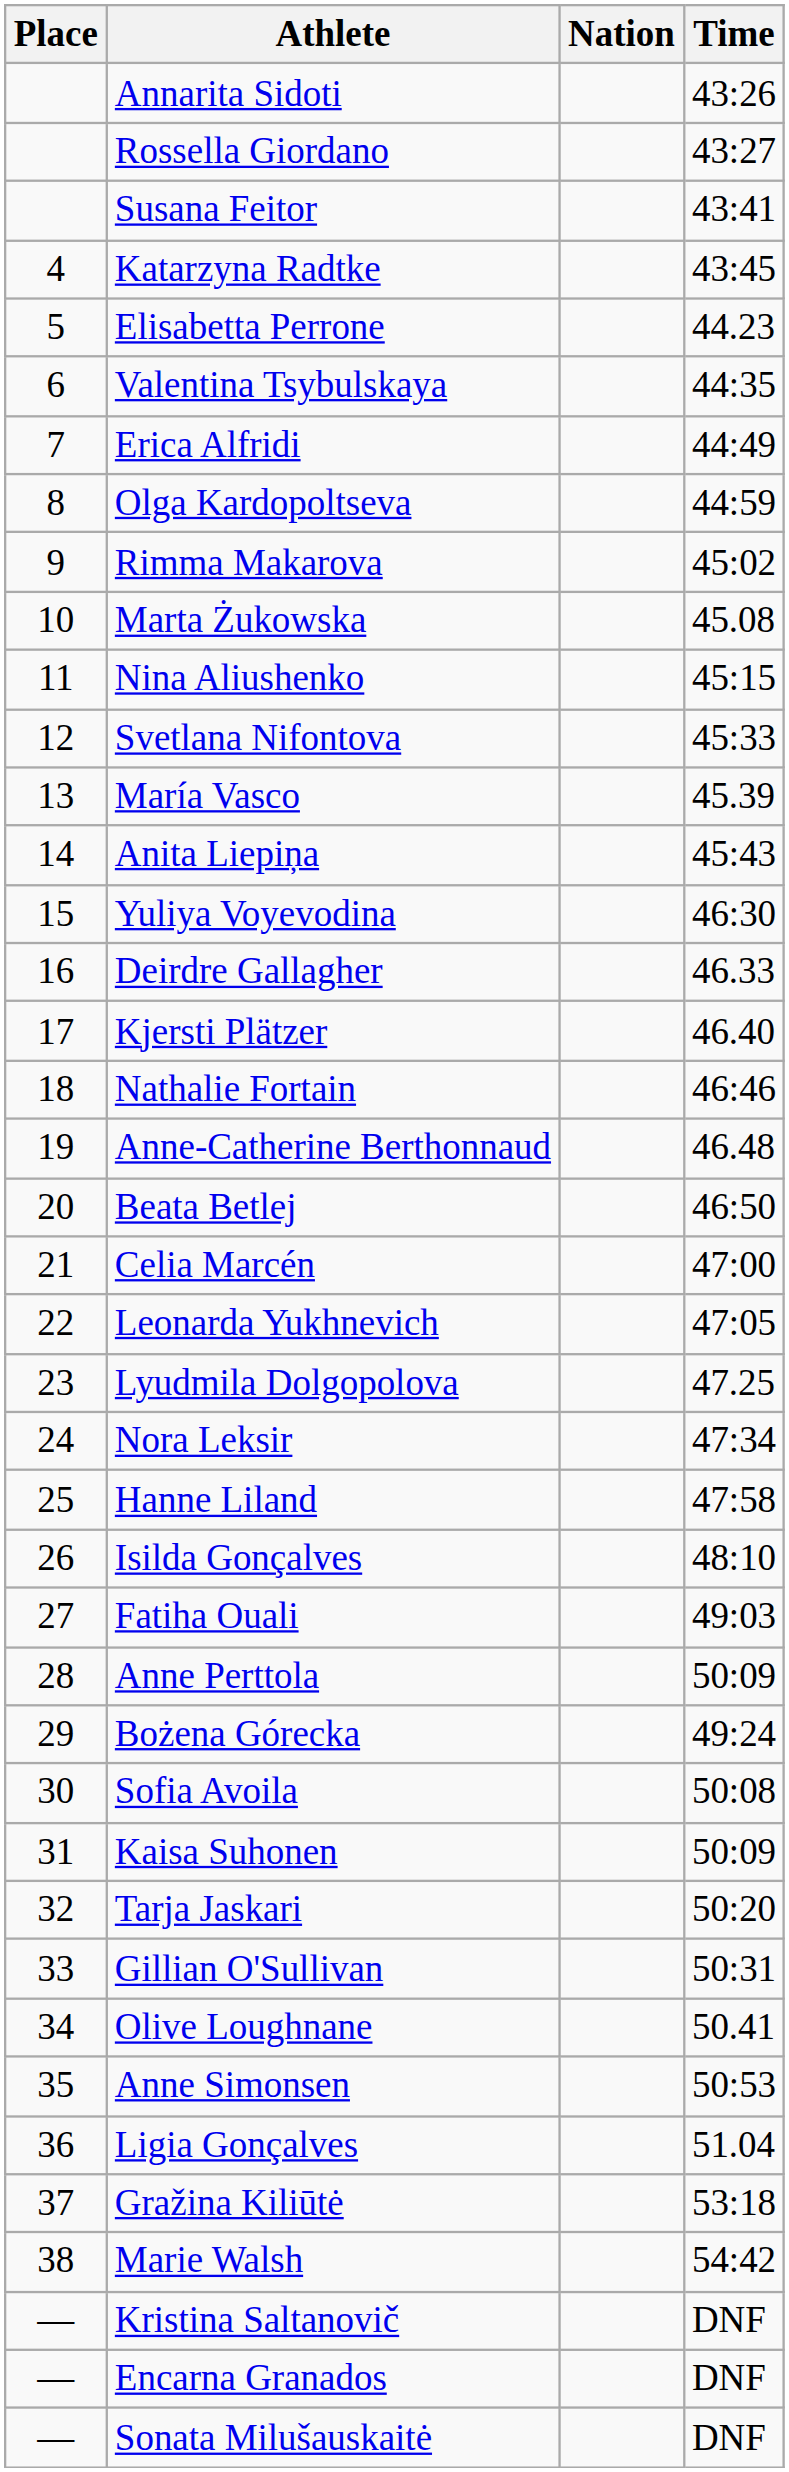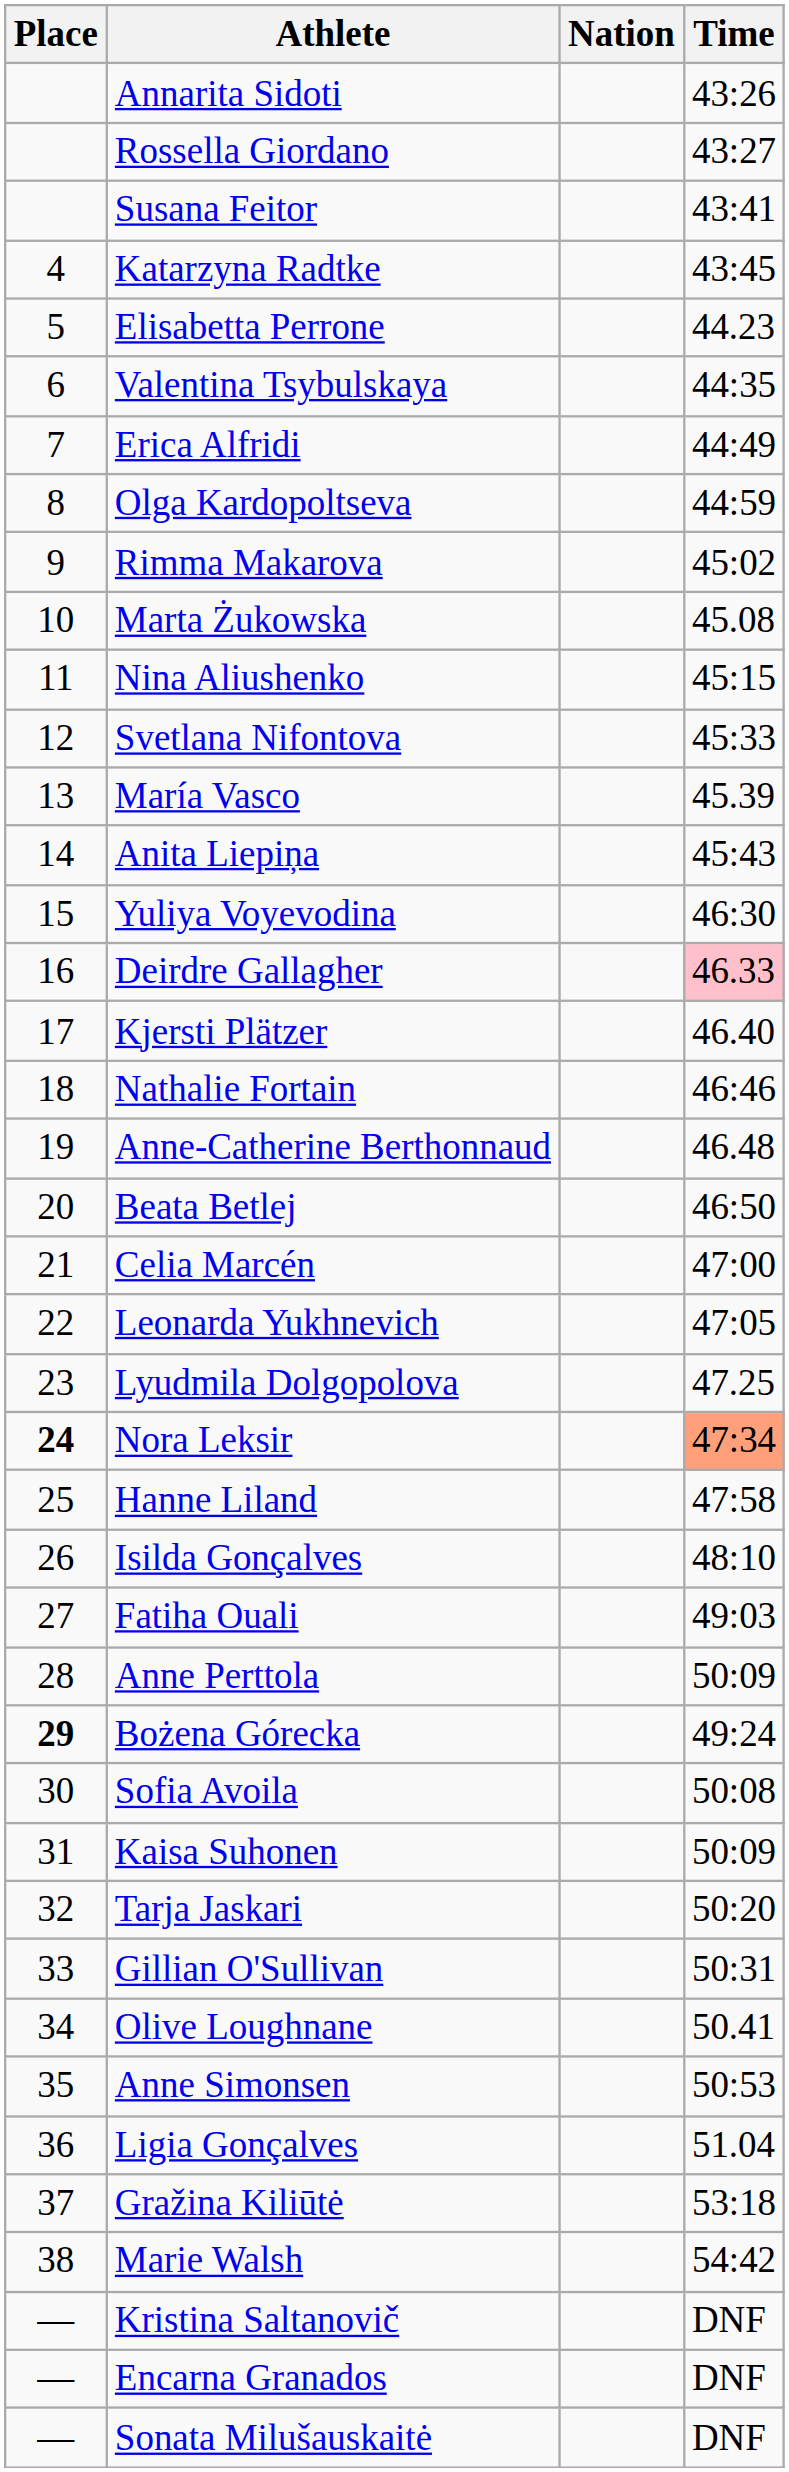 <table class="wikitable sortable">
 <tr>
 <th>Place</th>
 <th>Athlete</th>
 <th>Nation</th>
 <th>Time</th>
 </tr>
 <tr>
 <td align=center></td>
 <td><a href='#'>Annarita Sidoti</a></td>
 <td></td>
 <td>43:26</td>
 </tr>
 <tr>
 <td align=center></td>
 <td><a href='#'>Rossella Giordano</a></td>
 <td></td>
 <td>43:27</td>
 </tr>
 <tr>
 <td align=center></td>
 <td><a href='#'>Susana Feitor</a></td>
 <td></td>
 <td>43:41</td>
 </tr>
 <tr>
 <td align=center>4</td>
 <td><a href='#'>Katarzyna Radtke</a></td>
 <td></td>
 <td>43:45</td>
 </tr>
 <tr>
 <td align=center>5</td>
 <td><a href='#'>Elisabetta Perrone</a></td>
 <td></td>
 <td>44.23</td>
 </tr>
 <tr>
 <td align=center>6</td>
 <td><a href='#'>Valentina Tsybulskaya</a></td>
 <td></td>
 <td>44:35</td>
 </tr>
 <tr>
 <td align=center>7</td>
 <td><a href='#'>Erica Alfridi</a></td>
 <td></td>
 <td>44:49</td>
 </tr>
 <tr>
 <td align=center>8</td>
 <td><a href='#'>Olga Kardopoltseva</a></td>
 <td></td>
 <td>44:59</td>
 </tr>
 <tr>
 <td align=center>9</td>
 <td><a href='#'>Rimma Makarova</a></td>
 <td></td>
 <td>45:02</td>
 </tr>
 <tr>
 <td align=center>10</td>
 <td><a href='#'>Marta Żukowska</a></td>
 <td></td>
 <td>45.08</td>
 </tr>
 <tr>
 <td align=center>11</td>
 <td><a href='#'>Nina Aliushenko</a></td>
 <td></td>
 <td>45:15</td>
 </tr>
 <tr>
 <td align=center>12</td>
 <td><a href='#'>Svetlana Nifontova</a></td>
 <td></td>
 <td>45:33</td>
 </tr>
 <tr>
 <td align=center>13</td>
 <td><a href='#'>María Vasco</a></td>
 <td></td>
 <td>45.39</td>
 </tr>
 <tr>
 <td align=center>14</td>
 <td><a href='#'>Anita Liepiņa</a></td>
 <td></td>
 <td>45:43</td>
 </tr>
 <tr>
 <td align=center>15</td>
 <td><a href='#'>Yuliya Voyevodina</a></td>
 <td></td>
 <td>46:30</td>
 </tr>
 <tr>
 <td align=center>16</td>
 <td><a href='#'>Deirdre Gallagher</a></td>
 <td></td>
-<td>46.33</td>
+<td style="background: pink;">46.33</td>
 </tr>
 <tr>
 <td align=center>17</td>
 <td><a href='#'>Kjersti Plätzer</a></td>
 <td></td>
 <td>46.40</td>
 </tr>
 <tr>
 <td align=center>18</td>
 <td><a href='#'>Nathalie Fortain</a></td>
 <td></td>
 <td>46:46</td>
 </tr>
 <tr>
 <td align=center>19</td>
 <td><a href='#'>Anne-Catherine Berthonnaud</a></td>
 <td></td>
 <td>46.48</td>
 </tr>
 <tr>
 <td align=center>20</td>
 <td><a href='#'>Beata Betlej</a></td>
 <td></td>
 <td>46:50</td>
 </tr>
 <tr>
 <td align=center>21</td>
 <td><a href='#'>Celia Marcén</a></td>
 <td></td>
 <td>47:00</td>
 </tr>
 <tr>
 <td align=center>22</td>
 <td><a href='#'>Leonarda Yukhnevich</a></td>
 <td></td>
 <td>47:05</td>
 </tr>
 <tr>
 <td align=center>23</td>
 <td><a href='#'>Lyudmila Dolgopolova</a></td>
 <td></td>
 <td>47.25</td>
 </tr>
 <tr>
-<td align=center>24</td>
+<td align=center><strong>24</strong></td>
 <td><a href='#'>Nora Leksir</a></td>
 <td></td>
-<td>47:34</td>
+<td style="background: lightsalmon;">47:34</td>
 </tr>
 <tr>
 <td align=center>25</td>
 <td><a href='#'>Hanne Liland</a></td>
 <td></td>
 <td>47:58</td>
 </tr>
 <tr>
 <td align=center>26</td>
 <td><a href='#'>Isilda Gonçalves</a></td>
 <td></td>
 <td>48:10</td>
 </tr>
 <tr>
 <td align=center>27</td>
 <td><a href='#'>Fatiha Ouali</a></td>
 <td></td>
 <td>49:03</td>
 </tr>
 <tr>
 <td align=center>28</td>
 <td><a href='#'>Anne Perttola</a></td>
 <td></td>
 <td>50:09</td>
 </tr>
 <tr>
-<td align=center>29</td>
+<td align=center><strong>29</strong></td>
 <td><a href='#'>Bożena Górecka</a></td>
 <td></td>
 <td>49:24</td>
 </tr>
 <tr>
 <td align=center>30</td>
 <td><a href='#'>Sofia Avoila</a></td>
 <td></td>
 <td>50:08</td>
 </tr>
 <tr>
 <td align=center>31</td>
 <td><a href='#'>Kaisa Suhonen</a></td>
 <td></td>
 <td>50:09</td>
 </tr>
 <tr>
 <td align=center>32</td>
 <td><a href='#'>Tarja Jaskari</a></td>
 <td></td>
 <td>50:20</td>
 </tr>
 <tr>
 <td align=center>33</td>
 <td><a href='#'>Gillian O'Sullivan</a></td>
 <td></td>
 <td>50:31</td>
 </tr>
 <tr>
 <td align=center>34</td>
 <td><a href='#'>Olive Loughnane</a></td>
 <td></td>
 <td>50.41</td>
 </tr>
 <tr>
 <td align=center>35</td>
 <td><a href='#'>Anne Simonsen</a></td>
 <td></td>
 <td>50:53</td>
 </tr>
 <tr>
 <td align=center>36</td>
 <td><a href='#'>Ligia Gonçalves</a></td>
 <td></td>
 <td>51.04</td>
 </tr>
 <tr>
 <td align=center>37</td>
 <td><a href='#'>Gražina Kiliūtė</a></td>
 <td></td>
 <td>53:18</td>
 </tr>
 <tr>
 <td align=center>38</td>
 <td><a href='#'>Marie Walsh</a></td>
 <td></td>
 <td>54:42</td>
 </tr>
 <tr>
 <td align=center>—</td>
 <td><a href='#'>Kristina Saltanovič</a></td>
 <td></td>
 <td>DNF</td>
 </tr>
 <tr>
 <td align=center>—</td>
 <td><a href='#'>Encarna Granados</a></td>
 <td></td>
 <td>DNF</td>
 </tr>
 <tr>
 <td align=center>—</td>
 <td><a href='#'>Sonata Milušauskaitė</a></td>
 <td></td>
 <td>DNF</td>
 </tr>
 </table>
